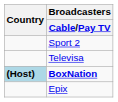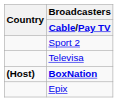 <table class="wikitable">
 <tr>
 <th rowspan="2">Country</th>
 <th colspan="2">Broadcasters</th>
 </tr>
 <tr>
 <th><a href='#'>Cable</a>/<a href='#'>Pay TV</a></th>
 </tr>
 <tr>
 <td></td>
 <td><a href='#'>Sport 2</a></td>
 </tr>
 <tr>
 <td></td>
 <td><a href='#'>Televisa</a></td>
 </tr>
 <tr>
-<td style="background: lightblue;"><strong> (Host)</strong></td>
+<td><strong> (Host)</strong></td>
 <td><strong><a href='#'>BoxNation</a></strong></td>
 </tr>
 <tr>
 <td></td>
 <td><a href='#'>Epix</a></td>
 </tr>
 </table>
